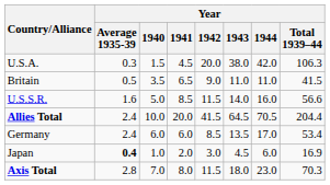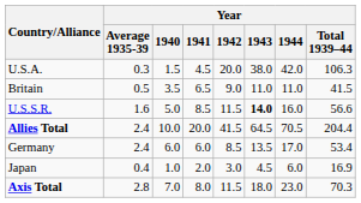 <table class="wikitable">
 <tr>
 <th rowspan="2">Country/Alliance</th>
 <th colspan="7">Year</th>
 </tr>
 <tr>
 <th>Average<br>1935-39</th>
 <th>1940</th>
 <th>1941</th>
 <th>1942</th>
 <th>1943</th>
 <th>1944</th>
 <th>Total<br>1939–44</th>
 </tr>
 <tr style="text-align:right">
 <td align="left">U.S.A.</td>
 <td>0.3</td>
 <td>1.5</td>
 <td>4.5</td>
 <td>20.0</td>
 <td>38.0</td>
 <td>42.0</td>
 <td>106.3</td>
 </tr>
 <tr style="text-align:right">
 <td align="left">Britain</td>
 <td>0.5</td>
 <td>3.5</td>
 <td>6.5</td>
 <td>9.0</td>
 <td>11.0</td>
 <td>11.0</td>
 <td>41.5</td>
 </tr>
 <tr style="text-align:right">
 <td align="left"><a href='#'>U.S.S.R.</a></td>
 <td>1.6</td>
 <td>5.0</td>
 <td>8.5</td>
 <td>11.5</td>
-<td>14.0</td>
+<td><strong>14.0</strong></td>
 <td>16.0</td>
 <td>56.6</td>
 </tr>
 <tr style="text-align:right">
 <td align="left"><strong><a href='#'>Allies</a> Total</strong></td>
 <td>2.4</td>
 <td>10.0</td>
 <td>20.0</td>
 <td>41.5</td>
 <td>64.5</td>
 <td>70.5</td>
 <td>204.4</td>
 </tr>
 <tr style="text-align:right">
 <td align="left">Germany</td>
 <td>2.4</td>
 <td>6.0</td>
 <td>6.0</td>
 <td>8.5</td>
 <td>13.5</td>
 <td>17.0</td>
 <td>53.4</td>
 </tr>
 <tr style="text-align:right">
 <td align="left">Japan</td>
-<td><strong>0.4</strong></td>
+<td>0.4</td>
 <td>1.0</td>
 <td>2.0</td>
 <td>3.0</td>
 <td>4.5</td>
 <td>6.0</td>
 <td>16.9</td>
 </tr>
 <tr style="text-align:right">
 <td align="left"><strong><a href='#'>Axis</a> Total</strong></td>
 <td>2.8</td>
 <td>7.0</td>
 <td>8.0</td>
 <td>11.5</td>
 <td>18.0</td>
 <td>23.0</td>
 <td>70.3</td>
 </tr>
 </table>
